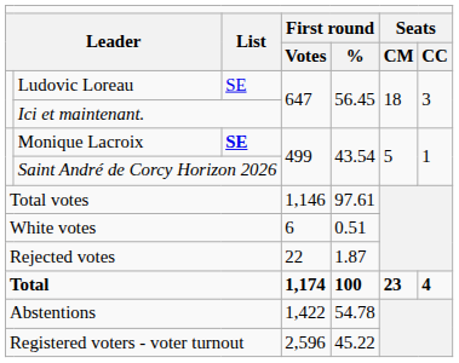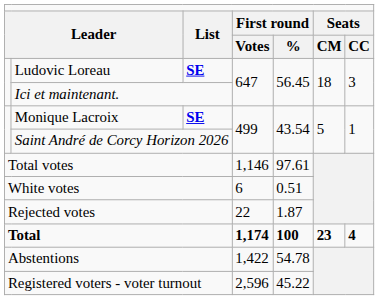 <table class="wikitable">
 <tr>
 <td colspan="7"></td>
 </tr>
 <tr>
 <th colspan="2" rowspan="2">Leader</th>
 <th rowspan="2">List</th>
 <th colspan="2">First round</th>
 <th colspan="2">Seats</th>
 </tr>
 <tr>
 <th>Votes</th>
 <th>%</th>
 <th>CM</th>
 <th>CC</th>
 </tr>
 <tr>
 <td rowspan="2" bgcolor=></td>
 <td>Ludovic Loreau</td>
-<td><a href='#'>SE</a></td>
+<td><strong><a href='#'>SE</a></strong></td>
 <td rowspan="2">647</td>
 <td rowspan="2">56.45</td>
 <td rowspan="2">18</td>
 <td rowspan="2">3</td>
 </tr>
 <tr>
 <td colspan="2"><em>Ici et maintenant.</em></td>
 </tr>
 <tr>
 <td rowspan="2" bgcolor=></td>
 <td>Monique Lacroix</td>
 <td><strong><a href='#'>SE</a></strong></td>
 <td rowspan="2">499</td>
 <td rowspan="2">43.54</td>
 <td rowspan="2">5</td>
 <td rowspan="2">1</td>
 </tr>
 <tr>
 <td colspan="2"><em>Saint André de Corcy Horizon 2026</em></td>
 </tr>
 <tr>
 <td colspan="3">Total votes</td>
 <td>1,146</td>
 <td>97.61</td>
 <th colspan="2" rowspan="3"></th>
 </tr>
 <tr>
 <td colspan="3">White votes</td>
 <td>6</td>
 <td>0.51</td>
 </tr>
 <tr>
 <td colspan="3">Rejected votes</td>
 <td>22</td>
 <td>1.87</td>
 </tr>
 <tr>
 <td colspan="3"><strong>Total</strong></td>
 <td><strong>1,174</strong></td>
 <td><strong>100</strong></td>
 <td><strong>23</strong></td>
 <td><strong>4</strong></td>
 </tr>
 <tr>
 <td colspan="3">Abstentions</td>
 <td>1,422</td>
 <td>54.78</td>
 <th colspan="2" rowspan="2"></th>
 </tr>
 <tr>
 <td colspan="3">Registered voters - voter turnout</td>
 <td>2,596</td>
 <td>45.22</td>
 </tr>
 </table>
